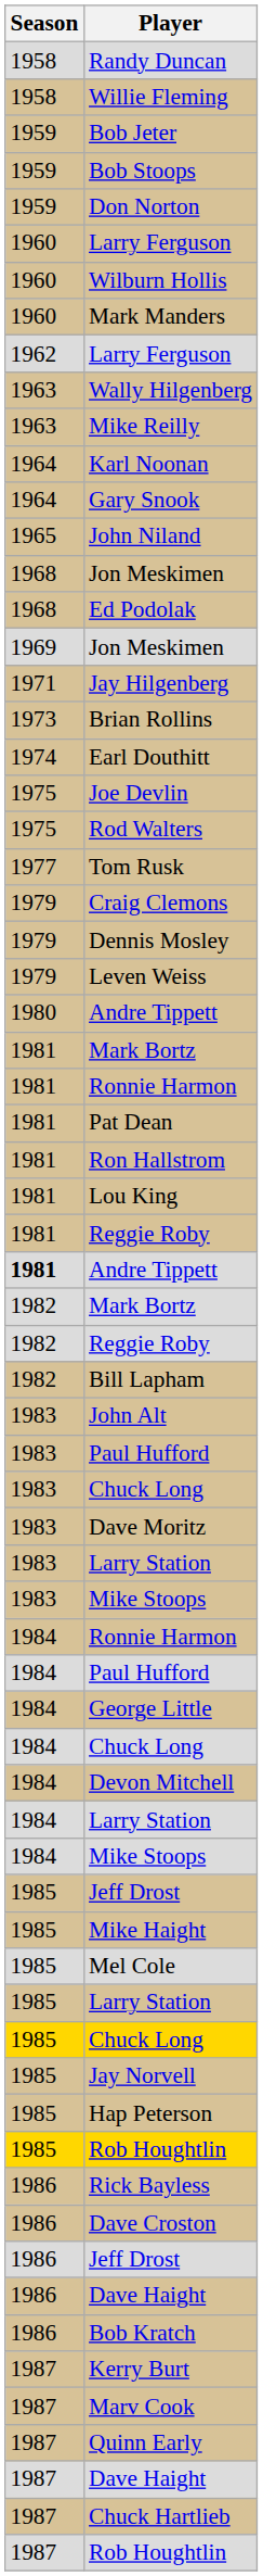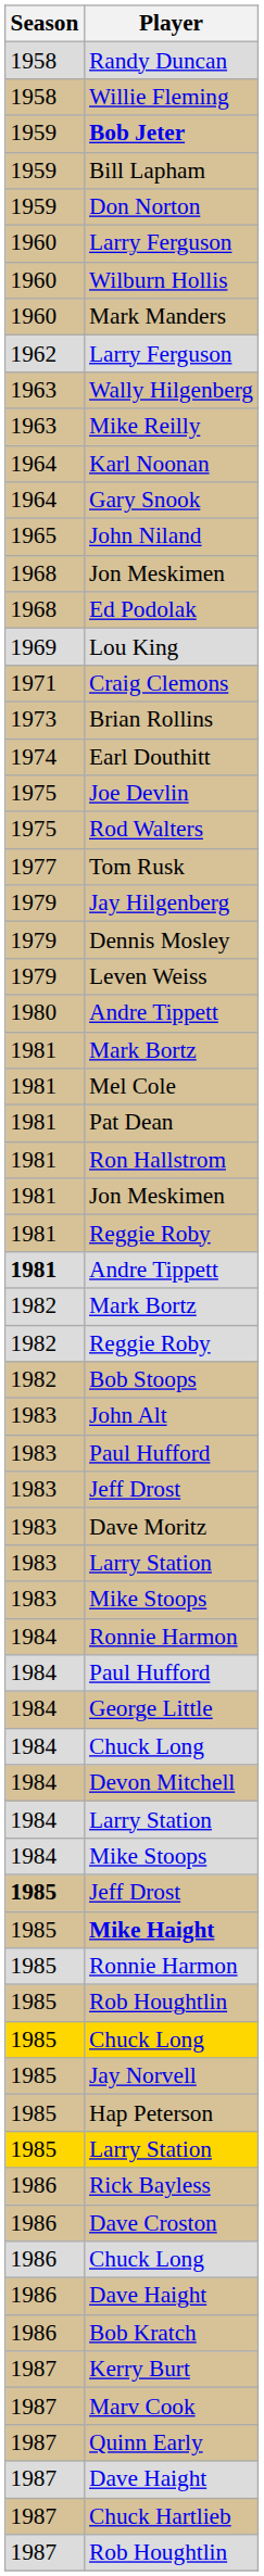 <table class="wikitable" style="float:left; margin-right:1em;">
 <tr>
 <th>Season</th>
 <th>Player</th>
 </tr>
 <tr style="background: #dcdcdc;">
 <td>1958</td>
 <td><a href='#'>Randy Duncan</a></td>
 </tr>
 <tr style="background: #d7c297;">
 <td>1958</td>
 <td><a href='#'>Willie Fleming</a></td>
 </tr>
 <tr style="background: #d7c297;">
 <td>1959</td>
-<td><a href='#'>Bob Jeter</a></td>
+<td><strong><a href='#'>Bob Jeter</a></strong></td>
 </tr>
 <tr style="background: #d7c297;">
 <td>1959</td>
-<td><a href='#'>Bob Stoops</a></td>
+<td>Bill Lapham</td>
 </tr>
 <tr style="background: #d7c297;">
 <td>1959</td>
 <td><a href='#'>Don Norton</a></td>
 </tr>
 <tr style="background: #d7c297;">
 <td>1960</td>
 <td><a href='#'>Larry Ferguson</a></td>
 </tr>
 <tr style="background: #d7c297;">
 <td>1960</td>
 <td><a href='#'>Wilburn Hollis</a></td>
 </tr>
 <tr style="background: #d7c297;">
 <td>1960</td>
 <td>Mark Manders</td>
 </tr>
 <tr style="background: #dcdcdc;">
 <td>1962</td>
 <td><a href='#'>Larry Ferguson</a></td>
 </tr>
 <tr style="background: #d7c297;">
 <td>1963</td>
 <td><a href='#'>Wally Hilgenberg</a></td>
 </tr>
 <tr style="background: #d7c297;">
 <td>1963</td>
 <td><a href='#'>Mike Reilly</a></td>
 </tr>
 <tr style="background: #d7c297;">
 <td>1964</td>
 <td><a href='#'>Karl Noonan</a></td>
 </tr>
 <tr style="background: #d7c297;">
 <td>1964</td>
 <td><a href='#'>Gary Snook</a></td>
 </tr>
 <tr style="background: #d7c297;">
 <td>1965</td>
 <td><a href='#'>John Niland</a></td>
 </tr>
 <tr style="background: #d7c297;">
 <td>1968</td>
 <td>Jon Meskimen</td>
 </tr>
 <tr style="background: #d7c297;">
 <td>1968</td>
 <td><a href='#'>Ed Podolak</a></td>
 </tr>
 <tr style="background: #dcdcdc;">
 <td>1969</td>
-<td>Jon Meskimen</td>
+<td>Lou King</td>
 </tr>
 <tr style="background: #d7c297;">
 <td>1971</td>
-<td><a href='#'>Jay Hilgenberg</a></td>
+<td><a href='#'>Craig Clemons</a></td>
 </tr>
 <tr style="background: #d7c297;">
 <td>1973</td>
 <td>Brian Rollins</td>
 </tr>
 <tr style="background: #d7c297;">
 <td>1974</td>
 <td>Earl Douthitt</td>
 </tr>
 <tr style="background: #d7c297;">
 <td>1975</td>
 <td><a href='#'>Joe Devlin</a></td>
 </tr>
 <tr style="background: #d7c297;">
 <td>1975</td>
 <td><a href='#'>Rod Walters</a></td>
 </tr>
 <tr style="background: #d7c297;">
 <td>1977</td>
 <td>Tom Rusk</td>
 </tr>
 <tr style="background: #d7c297;">
 <td>1979</td>
-<td><a href='#'>Craig Clemons</a></td>
+<td><a href='#'>Jay Hilgenberg</a></td>
 </tr>
 <tr style="background: #d7c297;">
 <td>1979</td>
 <td>Dennis Mosley</td>
 </tr>
 <tr style="background: #d7c297;">
 <td>1979</td>
 <td>Leven Weiss</td>
 </tr>
 <tr style="background: #d7c297;">
 <td>1980</td>
 <td><a href='#'>Andre Tippett</a></td>
 </tr>
 <tr style="background: #d7c297;">
 <td>1981</td>
 <td><a href='#'>Mark Bortz</a></td>
 </tr>
 <tr style="background: #d7c297;">
 <td>1981</td>
-<td><a href='#'>Ronnie Harmon</a></td>
+<td>Mel Cole</td>
 </tr>
 <tr style="background: #d7c297;">
 <td>1981</td>
 <td>Pat Dean</td>
 </tr>
 <tr style="background: #d7c297;">
 <td>1981</td>
 <td><a href='#'>Ron Hallstrom</a></td>
 </tr>
 <tr style="background: #d7c297;">
 <td>1981</td>
-<td>Lou King</td>
+<td>Jon Meskimen</td>
 </tr>
 <tr style="background: #d7c297;">
 <td>1981</td>
 <td><a href='#'>Reggie Roby</a></td>
 </tr>
 <tr style="background: #dcdcdc;">
 <td><strong>1981</strong></td>
 <td><a href='#'>Andre Tippett</a></td>
 </tr>
 <tr style="background: #dcdcdc;">
 <td>1982</td>
 <td><a href='#'>Mark Bortz</a></td>
 </tr>
 <tr style="background: #dcdcdc;">
 <td>1982</td>
 <td><a href='#'>Reggie Roby</a></td>
 </tr>
 <tr style="background: #d7c297;">
 <td>1982</td>
-<td>Bill Lapham</td>
+<td><a href='#'>Bob Stoops</a></td>
 </tr>
 <tr style="background: #d7c297;">
 <td>1983</td>
 <td><a href='#'>John Alt</a></td>
 </tr>
 <tr style="background: #d7c297;">
 <td>1983</td>
 <td><a href='#'>Paul Hufford</a></td>
 </tr>
 <tr style="background: #d7c297;">
 <td>1983</td>
-<td><a href='#'>Chuck Long</a></td>
+<td><a href='#'>Jeff Drost</a></td>
 </tr>
 <tr style="background: #d7c297;">
 <td>1983</td>
 <td>Dave Moritz</td>
 </tr>
 <tr style="background: #d7c297;">
 <td>1983</td>
 <td><a href='#'>Larry Station</a></td>
 </tr>
 <tr style="background: #d7c297;">
 <td>1983</td>
 <td><a href='#'>Mike Stoops</a></td>
 </tr>
 <tr style="background: #d7c297;">
 <td>1984</td>
 <td><a href='#'>Ronnie Harmon</a></td>
 </tr>
 <tr style="background: #dcdcdc;">
 <td>1984</td>
 <td><a href='#'>Paul Hufford</a></td>
 </tr>
 <tr style="background: #d7c297;">
 <td>1984</td>
 <td><a href='#'>George Little</a></td>
 </tr>
 <tr style="background: #dcdcdc;">
 <td>1984</td>
 <td><a href='#'>Chuck Long</a></td>
 </tr>
 <tr style="background: #d7c297;">
 <td>1984</td>
 <td><a href='#'>Devon Mitchell</a></td>
 </tr>
 <tr style="background: #dcdcdc;">
 <td>1984</td>
 <td><a href='#'>Larry Station</a></td>
 </tr>
 <tr style="background: #dcdcdc;">
 <td>1984</td>
 <td><a href='#'>Mike Stoops</a></td>
 </tr>
 <tr style="background: #d7c297;">
-<td>1985</td>
+<td><strong>1985</strong></td>
 <td><a href='#'>Jeff Drost</a></td>
 </tr>
 <tr style="background: #d7c297;">
 <td>1985</td>
-<td><a href='#'>Mike Haight</a></td>
+<td><strong><a href='#'>Mike Haight</a></strong></td>
 </tr>
 <tr style="background: #dcdcdc;">
 <td>1985</td>
-<td>Mel Cole</td>
+<td><a href='#'>Ronnie Harmon</a></td>
 </tr>
 <tr style="background: #d7c297;">
 <td>1985</td>
-<td><a href='#'>Larry Station</a></td>
+<td><a href='#'>Rob Houghtlin</a></td>
 </tr>
 <tr style="background: #FFD700;">
 <td>1985</td>
 <td><a href='#'>Chuck Long</a></td>
 </tr>
 <tr style="background: #d7c297;">
 <td>1985</td>
 <td><a href='#'>Jay Norvell</a></td>
 </tr>
 <tr style="background: #d7c297;">
 <td>1985</td>
 <td>Hap Peterson</td>
 </tr>
 <tr style="background: #FFD700;">
 <td>1985</td>
-<td><a href='#'>Rob Houghtlin</a></td>
+<td><a href='#'>Larry Station</a></td>
 </tr>
 <tr style="background: #d7c297;">
 <td>1986</td>
 <td><a href='#'>Rick Bayless</a></td>
 </tr>
 <tr style="background: #d7c297;">
 <td>1986</td>
 <td><a href='#'>Dave Croston</a></td>
 </tr>
 <tr style="background: #dcdcdc;">
 <td>1986</td>
-<td><a href='#'>Jeff Drost</a></td>
+<td><a href='#'>Chuck Long</a></td>
 </tr>
 <tr style="background: #d7c297;">
 <td>1986</td>
 <td><a href='#'>Dave Haight</a></td>
 </tr>
 <tr style="background: #d7c297;">
 <td>1986</td>
 <td><a href='#'>Bob Kratch</a></td>
 </tr>
 <tr style="background: #d7c297;">
 <td>1987</td>
 <td><a href='#'>Kerry Burt</a></td>
 </tr>
 <tr style="background: #d7c297;">
 <td>1987</td>
 <td><a href='#'>Marv Cook</a></td>
 </tr>
 <tr style="background: #d7c297;">
 <td>1987</td>
 <td><a href='#'>Quinn Early</a></td>
 </tr>
 <tr style="background: #dcdcdc;">
 <td>1987</td>
 <td><a href='#'>Dave Haight</a></td>
 </tr>
 <tr style="background: #d7c297;">
 <td>1987</td>
 <td><a href='#'>Chuck Hartlieb</a></td>
 </tr>
 <tr style="background: #dcdcdc;">
 <td>1987</td>
 <td><a href='#'>Rob Houghtlin</a></td>
 </tr>
 </table>
